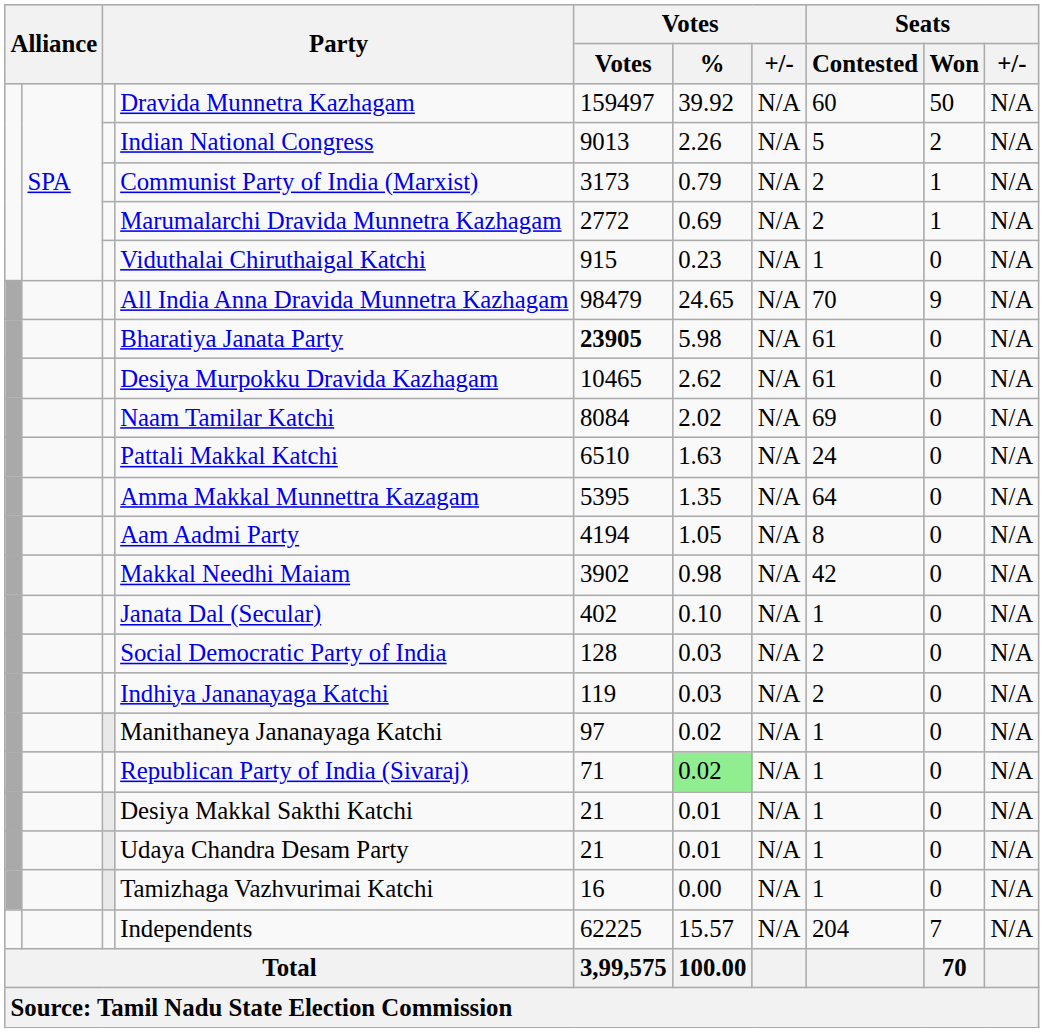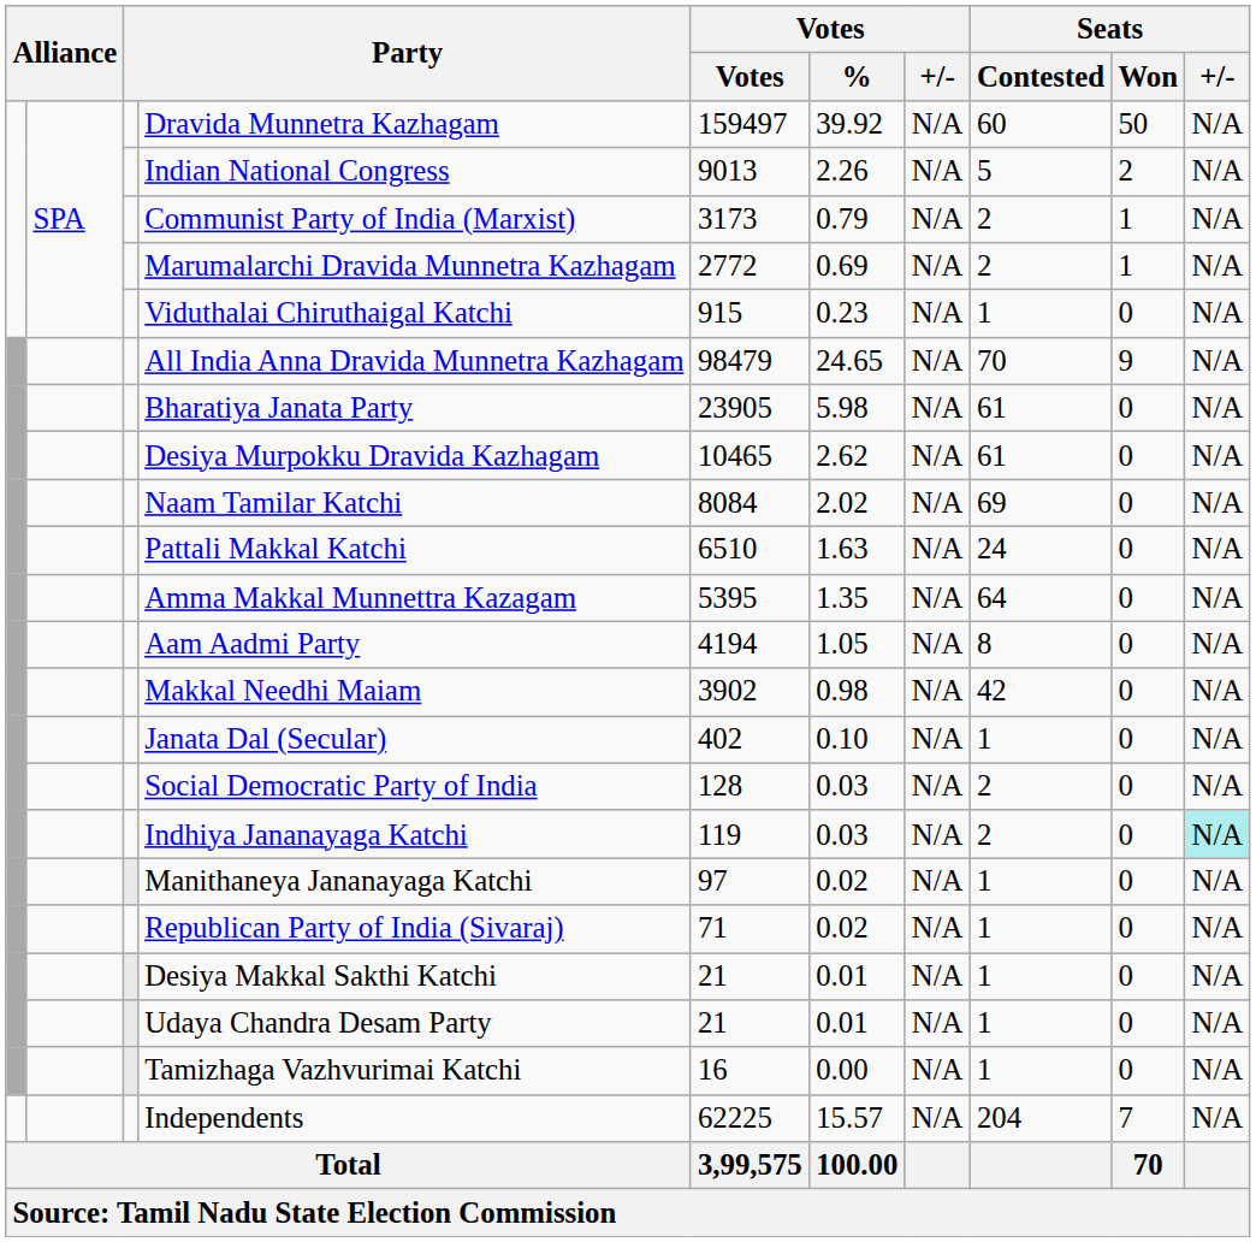 <table class="wikitable sortable">
 <tr>
 <th colspan="2" rowspan="2">Alliance</th>
 <th colspan="2" rowspan="2">Party</th>
 <th colspan="3">Votes</th>
 <th colspan="3">Seats</th>
 </tr>
 <tr>
 <th>Votes</th>
 <th><strong>%</strong></th>
 <th>+/-</th>
 <th>Contested</th>
 <th>Won</th>
 <th>+/-</th>
 </tr>
 <tr>
 <td rowspan="5"></td>
 <td rowspan="5"><a href='#'>SPA</a></td>
 <td></td>
 <td><a href='#'>Dravida Munnetra Kazhagam</a></td>
 <td>159497</td>
 <td>39.92</td>
 <td>N/A</td>
 <td>60</td>
 <td>50</td>
 <td>N/A</td>
 </tr>
 <tr>
 <td></td>
 <td><a href='#'>Indian National Congress</a></td>
 <td>9013</td>
 <td>2.26</td>
 <td>N/A</td>
 <td>5</td>
 <td>2</td>
 <td>N/A</td>
 </tr>
 <tr>
 <td></td>
 <td><a href='#'>Communist Party of India (Marxist)</a></td>
 <td>3173</td>
 <td>0.79</td>
 <td>N/A</td>
 <td>2</td>
 <td>1</td>
 <td>N/A</td>
 </tr>
 <tr>
 <td></td>
 <td><a href='#'>Marumalarchi Dravida Munnetra Kazhagam</a></td>
 <td>2772</td>
 <td>0.69</td>
 <td>N/A</td>
 <td>2</td>
 <td>1</td>
 <td>N/A</td>
 </tr>
 <tr>
 <td></td>
 <td><a href='#'>Viduthalai Chiruthaigal Katchi</a></td>
 <td>915</td>
 <td>0.23</td>
 <td>N/A</td>
 <td>1</td>
 <td>0</td>
 <td>N/A</td>
 </tr>
 <tr>
 <td bgcolor="darkgrey"><br></td>
 <td></td>
 <td></td>
 <td><a href='#'>All India Anna Dravida Munnetra Kazhagam</a></td>
 <td>98479</td>
 <td>24.65</td>
 <td>N/A</td>
 <td>70</td>
 <td>9</td>
 <td>N/A</td>
 </tr>
 <tr>
 <td bgcolor="darkgrey"><br></td>
 <td></td>
 <td></td>
 <td><a href='#'>Bharatiya Janata Party</a></td>
-<td><strong>23905</strong></td>
+<td>23905</td>
 <td>5.98</td>
 <td>N/A</td>
 <td>61</td>
 <td>0</td>
 <td>N/A</td>
 </tr>
 <tr>
 <td bgcolor="darkgrey"><br></td>
 <td></td>
 <td></td>
 <td><a href='#'>Desiya Murpokku Dravida Kazhagam</a></td>
 <td>10465</td>
 <td>2.62</td>
 <td>N/A</td>
 <td>61</td>
 <td>0</td>
 <td>N/A</td>
 </tr>
 <tr>
 <td bgcolor="darkgrey"><br></td>
 <td></td>
 <td></td>
 <td><a href='#'>Naam Tamilar Katchi</a></td>
 <td>8084</td>
 <td>2.02</td>
 <td>N/A</td>
 <td>69</td>
 <td>0</td>
 <td>N/A</td>
 </tr>
 <tr>
 <td bgcolor="darkgrey"><br></td>
 <td></td>
 <td></td>
 <td><a href='#'>Pattali Makkal Katchi</a></td>
 <td>6510</td>
 <td>1.63</td>
 <td>N/A</td>
 <td>24</td>
 <td>0</td>
 <td>N/A</td>
 </tr>
 <tr>
 <td bgcolor="darkgrey"><br></td>
 <td></td>
 <td></td>
 <td><a href='#'>Amma Makkal Munnettra Kazagam</a></td>
 <td>5395</td>
 <td>1.35</td>
 <td>N/A</td>
 <td>64</td>
 <td>0</td>
 <td>N/A</td>
 </tr>
 <tr>
 <td bgcolor="darkgrey"><br></td>
 <td></td>
 <td></td>
 <td><a href='#'>Aam Aadmi Party</a></td>
 <td>4194</td>
 <td>1.05</td>
 <td>N/A</td>
 <td>8</td>
 <td>0</td>
 <td>N/A</td>
 </tr>
 <tr>
 <td bgcolor="darkgrey"><br></td>
 <td></td>
 <td></td>
 <td><a href='#'>Makkal Needhi Maiam</a></td>
 <td>3902</td>
 <td>0.98</td>
 <td>N/A</td>
 <td>42</td>
 <td>0</td>
 <td>N/A</td>
 </tr>
 <tr>
 <td bgcolor="darkgrey"><br></td>
 <td></td>
 <td></td>
 <td><a href='#'>Janata Dal (Secular)</a></td>
 <td>402</td>
 <td>0.10</td>
 <td>N/A</td>
 <td>1</td>
 <td>0</td>
 <td>N/A</td>
 </tr>
 <tr>
 <td bgcolor="darkgrey"><br></td>
 <td></td>
 <td></td>
 <td><a href='#'>Social Democratic Party of India</a></td>
 <td>128</td>
 <td>0.03</td>
 <td>N/A</td>
 <td>2</td>
 <td>0</td>
 <td>N/A</td>
 </tr>
 <tr>
 <td bgcolor="darkgrey"><br></td>
 <td></td>
 <td></td>
 <td><a href='#'>Indhiya Jananayaga Katchi</a></td>
 <td>119</td>
 <td>0.03</td>
 <td>N/A</td>
 <td>2</td>
 <td>0</td>
-<td>N/A</td>
+<td style="background: paleturquoise;">N/A</td>
 </tr>
 <tr>
 <td bgcolor="darkgrey"><br></td>
 <td></td>
 <td bgcolor="#E9E9E9"><br></td>
 <td>Manithaneya Jananayaga Katchi</td>
 <td>97</td>
 <td>0.02</td>
 <td>N/A</td>
 <td>1</td>
 <td>0</td>
 <td>N/A</td>
 </tr>
 <tr>
 <td bgcolor="darkgrey"><br></td>
 <td></td>
 <td></td>
 <td><a href='#'>Republican Party of India (Sivaraj)</a></td>
 <td>71</td>
-<td style="background: lightgreen;">0.02</td>
+<td>0.02</td>
 <td>N/A</td>
 <td>1</td>
 <td>0</td>
 <td>N/A</td>
 </tr>
 <tr>
 <td bgcolor="darkgrey"><br></td>
 <td></td>
 <td bgcolor="#E9E9E9"><br></td>
 <td>Desiya Makkal Sakthi Katchi</td>
 <td>21</td>
 <td>0.01</td>
 <td>N/A</td>
 <td>1</td>
 <td>0</td>
 <td>N/A</td>
 </tr>
 <tr>
 <td bgcolor="darkgrey"><br></td>
 <td></td>
 <td bgcolor="#E9E9E9"><br></td>
 <td>Udaya Chandra Desam Party</td>
 <td>21</td>
 <td>0.01</td>
 <td>N/A</td>
 <td>1</td>
 <td>0</td>
 <td>N/A</td>
 </tr>
 <tr>
 <td bgcolor="darkgrey"><br></td>
 <td></td>
 <td bgcolor="#E9E9E9"><br></td>
 <td>Tamizhaga Vazhvurimai Katchi</td>
 <td>16</td>
 <td>0.00</td>
 <td>N/A</td>
 <td>1</td>
 <td>0</td>
 <td>N/A</td>
 </tr>
 <tr>
 <td><br></td>
 <td></td>
 <td><br></td>
 <td>Independents</td>
 <td>62225</td>
 <td>15.57</td>
 <td>N/A</td>
 <td>204</td>
 <td>7</td>
 <td>N/A</td>
 </tr>
 <tr>
 <th colspan="4">Total</th>
 <th>3,99,575</th>
 <th>100.00</th>
 <th></th>
 <th></th>
 <th>70</th>
 <th></th>
 </tr>
 <tr>
 <th colspan="10" style="text-align:left;">Source: Tamil Nadu State Election Commission</th>
 </tr>
 </table>
